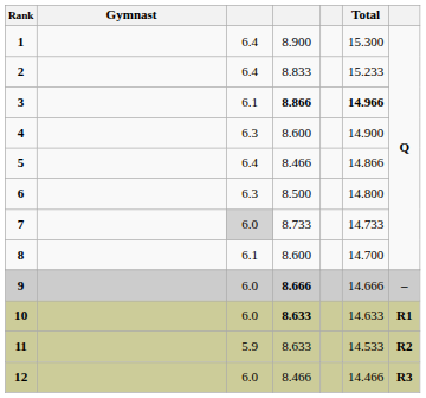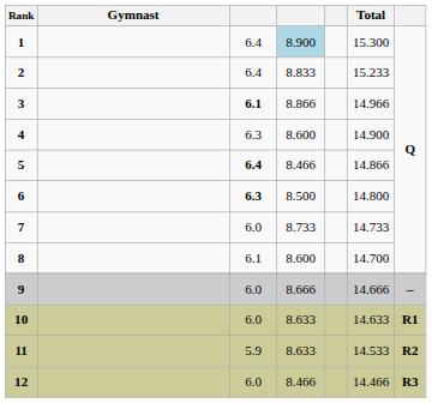 <table style="text-align:center;" class="wikitable sortable">
 <tr>
 <th scope="col" style="width:15px;"><small>Rank</small></th>
 <th scope="col" style="width:225px;">Gymnast</th>
 <th scope="col" style="width:50px;"><small></small></th>
 <th scope="col" style="width:50px;"><small></small></th>
 <th scope="col" style="width:20px;"><small></small></th>
 <th scope="col" style="width:50px;">Total</th>
 <th scope="col" style="width:30px;"><small></small></th>
 </tr>
 <tr>
 <td scope="row" style="text-align:center"><strong>1</strong></td>
 <td style="height:30px; text-align:left;"></td>
 <td>6.4</td>
-<td>8.900</td>
+<td style="background: lightblue;">8.900</td>
 <td></td>
 <td>15.300</td>
 <td rowspan=8><strong>Q</strong></td>
 </tr>
 <tr>
 <td scope="row" style="text-align:center"><strong>2</strong></td>
 <td style="height:30px; text-align:left;"></td>
 <td>6.4</td>
 <td>8.833</td>
 <td></td>
 <td>15.233</td>
 </tr>
 <tr>
 <td scope="row" style="text-align:center"><strong>3</strong></td>
 <td style="height:30px; text-align:left;"></td>
-<td>6.1</td>
-<td><strong>8.866</strong></td>
+<td><strong>6.1</strong></td>
+<td>8.866</td>
 <td></td>
-<td><strong>14.966</strong></td>
+<td>14.966</td>
 </tr>
 <tr>
 <td scope="row" style="text-align:center"><strong>4</strong></td>
 <td style="height:30px; text-align:left;"></td>
 <td>6.3</td>
 <td>8.600</td>
 <td></td>
 <td>14.900</td>
 </tr>
 <tr>
 <td scope="row" style="text-align:center"><strong>5</strong></td>
 <td style="height:30px; text-align:left;"></td>
-<td>6.4</td>
+<td><strong>6.4</strong></td>
 <td>8.466</td>
 <td></td>
 <td>14.866</td>
 </tr>
 <tr>
 <td scope="row" style="text-align:center"><strong>6</strong></td>
 <td style="height:30px; text-align:left;"></td>
-<td>6.3</td>
+<td><strong>6.3</strong></td>
 <td>8.500</td>
 <td></td>
 <td>14.800</td>
 </tr>
 <tr>
 <td scope="row" style="text-align:center"><strong>7</strong></td>
 <td style="height:30px; text-align:left;"></td>
-<td style="background: lightgrey;">6.0</td>
+<td>6.0</td>
 <td>8.733</td>
 <td></td>
 <td>14.733</td>
 </tr>
 <tr>
 <td scope="row" style="text-align:center"><strong>8</strong></td>
 <td style="height:30px; text-align:left;"></td>
 <td>6.1</td>
 <td>8.600</td>
 <td></td>
 <td>14.700</td>
 </tr>
 <tr>
 </tr>
 <tr style="background:#cccccc;">
 <td scope="row" style="text-align:center"><strong>9</strong></td>
 <td style="height:30px; text-align:left;"></td>
 <td>6.0</td>
-<td><strong>8.666</strong></td>
+<td>8.666</td>
 <td></td>
 <td>14.666</td>
 <td><strong>–</strong></td>
 </tr>
 <tr style="background:#cccc99;">
 <td scope="row" style="text-align:center"><strong>10</strong></td>
 <td style="height:30px; text-align:left;"></td>
 <td>6.0</td>
-<td><strong>8.633</strong></td>
+<td>8.633</td>
 <td></td>
 <td>14.633</td>
 <td><strong>R1</strong></td>
 </tr>
 <tr style="background:#cccc99;">
 <td scope="row" style="text-align:center"><strong>11</strong></td>
 <td style="height:30px; text-align:left;"></td>
 <td>5.9</td>
 <td>8.633</td>
 <td></td>
 <td>14.533</td>
 <td><strong>R2</strong></td>
 </tr>
 <tr style="background:#cccc99;">
 <td scope="row" style="text-align:center"><strong>12</strong></td>
 <td style="height:30px; text-align:left;"></td>
 <td>6.0</td>
 <td>8.466</td>
 <td></td>
 <td>14.466</td>
 <td><strong>R3</strong></td>
 </tr>
 </table>
